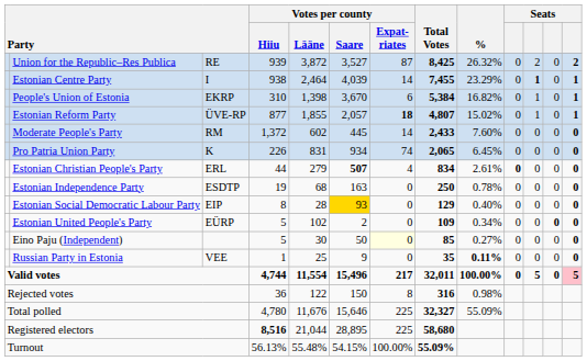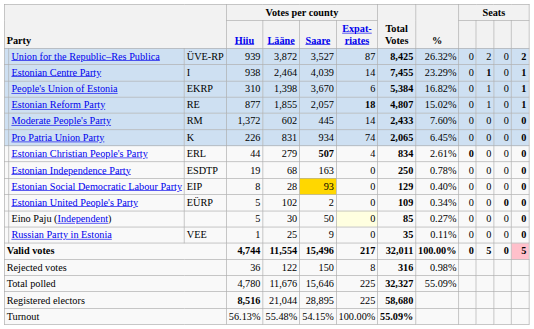 <table class="wikitable" border="1" style="text-align:right;">
 <tr>
 <th style="text-align:left;" valign=bottom rowspan=2 colspan=3>Party</th>
 <th colspan=4>Votes per county</th>
 <th align=center valign=bottom rowspan=2 width="50">Total Votes</th>
 <th align=center valign=bottom rowspan=2 width="50">%</th>
 <th colspan=4>Seats</th>
 </tr>
 <tr>
 <th align=center valign=bottom width="50"><a href='#'>Hiiu</a></th>
 <th align=center valign=bottom width="50"><a href='#'>Lääne</a></th>
 <th align=center valign=bottom width="50"><a href='#'>Saare</a></th>
 <th align=center valign=bottom width="50"><a href='#'>Expat- riates</a></th>
 <th align=center valign=bottom width="20"><small></small></th>
 <th align=center valign=bottom width="20"><small></small></th>
 <th align=center valign=bottom width="20"><small></small></th>
 <th align=center valign=bottom width="20"><small></small></th>
 </tr>
 <tr style="background:#CEE0F2;">
 <td style="background:"></td>
 <td align=left><a href='#'>Union for the Republic–Res Publica</a></td>
-<td align=left>RE</td>
+<td align=left>ÜVE-RP</td>
 <td>939</td>
 <td>3,872</td>
 <td>3,527</td>
 <td>87</td>
 <td><strong>8,425</strong></td>
 <td>26.32%</td>
 <td>0</td>
 <td>2</td>
 <td>0</td>
 <td><strong>2</strong></td>
 </tr>
 <tr style="background:#CEE0F2;">
 <td style="background:"></td>
 <td align=left><a href='#'>Estonian Centre Party</a></td>
 <td align=left>I</td>
 <td>938</td>
 <td>2,464</td>
 <td>4,039</td>
 <td>14</td>
 <td><strong>7,455</strong></td>
 <td>23.29%</td>
 <td>0</td>
 <td><strong>1</strong></td>
 <td>0</td>
 <td><strong>1</strong></td>
 </tr>
 <tr style="background:#CEE0F2;">
 <td style="background:"></td>
 <td align=left><a href='#'>People's Union of Estonia</a></td>
 <td align=left>EKRP</td>
 <td>310</td>
 <td>1,398</td>
 <td>3,670</td>
 <td>6</td>
 <td><strong>5,384</strong></td>
 <td>16.82%</td>
 <td>0</td>
 <td>1</td>
 <td>0</td>
 <td><strong>1</strong></td>
 </tr>
 <tr style="background:#CEE0F2;">
 <td style="background:"></td>
 <td align=left><a href='#'>Estonian Reform Party</a></td>
-<td align=left>ÜVE-RP</td>
+<td align=left>RE</td>
 <td>877</td>
 <td>1,855</td>
 <td>2,057</td>
 <td><strong>18</strong></td>
 <td><strong>4,807</strong></td>
 <td>15.02%</td>
 <td>0</td>
 <td>1</td>
 <td>0</td>
 <td><strong>1</strong></td>
 </tr>
 <tr style="background:#CEE0F2;">
 <td style="background:"></td>
 <td align=left><a href='#'>Moderate People's Party</a></td>
 <td align=left>RM</td>
 <td>1,372</td>
 <td>602</td>
 <td>445</td>
 <td>14</td>
 <td><strong>2,433</strong></td>
 <td>7.60%</td>
 <td>0</td>
 <td>0</td>
 <td>0</td>
 <td><strong>0</strong></td>
 </tr>
 <tr style="background:#CEE0F2;">
 <td style="background:"></td>
 <td align=left><a href='#'>Pro Patria Union Party</a></td>
 <td align=left>K</td>
 <td>226</td>
 <td>831</td>
 <td>934</td>
 <td>74</td>
 <td><strong>2,065</strong></td>
 <td>6.45%</td>
 <td>0</td>
 <td>0</td>
 <td>0</td>
 <td><strong>0</strong></td>
 </tr>
 <tr>
 <td style="background:"></td>
 <td align=left><a href='#'>Estonian Christian People's Party</a></td>
 <td align=left>ERL</td>
 <td>44</td>
 <td>279</td>
 <td><strong>507</strong></td>
 <td>4</td>
 <td><strong>834</strong></td>
 <td>2.61%</td>
 <td><strong>0</strong></td>
 <td>0</td>
 <td>0</td>
 <td><strong>0</strong></td>
 </tr>
 <tr>
 <td style="background:"></td>
 <td align=left><a href='#'>Estonian Independence Party</a></td>
 <td align=left>ESDTP</td>
 <td>19</td>
 <td>68</td>
 <td>163</td>
 <td>0</td>
 <td><strong>250</strong></td>
 <td>0.78%</td>
 <td>0</td>
 <td>0</td>
 <td>0</td>
 <td><strong>0</strong></td>
 </tr>
 <tr>
 <td style="background:"></td>
 <td align=left><a href='#'>Estonian Social Democratic Labour Party</a></td>
 <td align=left>EIP</td>
 <td>8</td>
 <td>28</td>
 <td style="background: gold;">93</td>
 <td>0</td>
 <td><strong>129</strong></td>
 <td>0.40%</td>
 <td>0</td>
 <td>0</td>
 <td>0</td>
 <td><strong>0</strong></td>
 </tr>
 <tr>
 <td style="background:"></td>
 <td align=left><a href='#'>Estonian United People's Party</a></td>
 <td align=left>EÜRP</td>
 <td>5</td>
 <td>102</td>
 <td>2</td>
 <td>0</td>
 <td><strong>109</strong></td>
 <td>0.34%</td>
 <td>0</td>
 <td>0</td>
 <td><strong>0</strong></td>
 <td><strong>0</strong></td>
 </tr>
 <tr>
 <td style="background:"></td>
 <td align=left>Eino Paju (<a href='#'>Independent</a>)</td>
 <td></td>
 <td>5</td>
 <td>30</td>
 <td>50</td>
 <td style="background: lightyellow;">0</td>
 <td><strong>85</strong></td>
 <td>0.27%</td>
 <td>0</td>
 <td>0</td>
 <td>0</td>
 <td><strong>0</strong></td>
 </tr>
 <tr>
 <td></td>
 <td align=left><a href='#'>Russian Party in Estonia</a></td>
 <td align=left>VEE</td>
 <td>1</td>
 <td>25</td>
 <td>9</td>
 <td>0</td>
 <td><strong>35</strong></td>
-<td><strong>0.11%</strong></td>
+<td>0.11%</td>
 <td>0</td>
 <td>0</td>
 <td>0</td>
 <td><strong>0</strong></td>
 </tr>
 <tr style="font-weight:bold">
 <td align=left colspan=3>Valid votes</td>
 <td>4,744</td>
 <td>11,554</td>
 <td>15,496</td>
 <td>217</td>
 <td>32,011</td>
 <td>100.00%</td>
 <td>0</td>
 <td>5</td>
 <td>0</td>
 <td style="background: pink;">5</td>
 </tr>
 <tr>
 <td align=left colspan=3>Rejected votes</td>
 <td>36</td>
 <td>122</td>
 <td>150</td>
 <td>8</td>
 <td><strong>316</strong></td>
 <td>0.98%</td>
 <td></td>
 <td></td>
 <td></td>
 <td></td>
 </tr>
 <tr>
 <td align=left colspan=3>Total polled</td>
 <td>4,780</td>
 <td>11,676</td>
 <td>15,646</td>
 <td>225</td>
 <td><strong>32,327</strong></td>
 <td>55.09%</td>
 <td></td>
 <td></td>
 <td></td>
 <td></td>
 </tr>
 <tr>
 <td align=left colspan=3>Registered electors</td>
 <td><strong>8,516</strong></td>
 <td>21,044</td>
 <td>28,895</td>
 <td>225</td>
 <td><strong>58,680</strong></td>
 <td></td>
 <td></td>
 <td></td>
 <td></td>
 <td></td>
 </tr>
 <tr>
 <td align=left colspan=3>Turnout</td>
 <td>56.13%</td>
 <td>55.48%</td>
 <td>54.15%</td>
 <td>100.00%</td>
 <td><strong>55.09%</strong></td>
 <td></td>
 <td></td>
 <td></td>
 <td></td>
 <td></td>
 </tr>
 </table>
